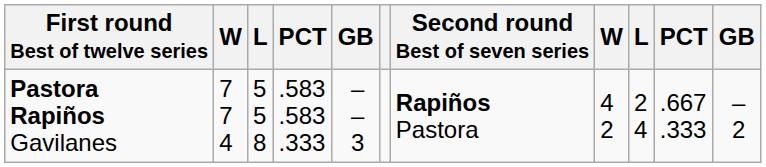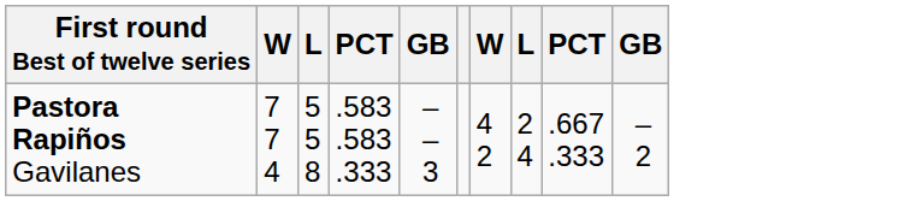 <table class="wikitable">
 <tr>
 <th>First round<br><small>Best of twelve series</small></th>
 <th>W</th>
 <th>L</th>
 <th>PCT</th>
 <th>GB</th>
 <th></th>
-<th>Second round<br><small>Best of seven series</small></th>
 <th>W</th>
 <th>L</th>
 <th>PCT</th>
 <th>GB</th>
 </tr>
 <tr>
 <td><strong>Pastora</strong><br><strong>Rapiños</strong><br>Gavilanes</td>
 <td>7<br>7<br>4</td>
 <td>5<br>5<br>8</td>
 <td>.583<br>.583<br>.333</td>
 <td>  –<br>   –<br>  3</td>
 <td></td>
-<td><strong>Rapiños</strong><br>Pastora</td>
 <td>4<br>2</td>
 <td>2<br>4</td>
 <td>.667<br>.333</td>
 <td>  –<br>   2</td>
 </tr>
 </table>
